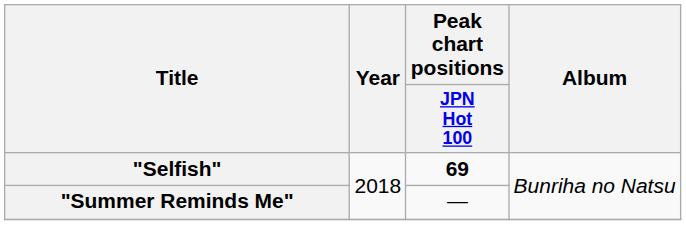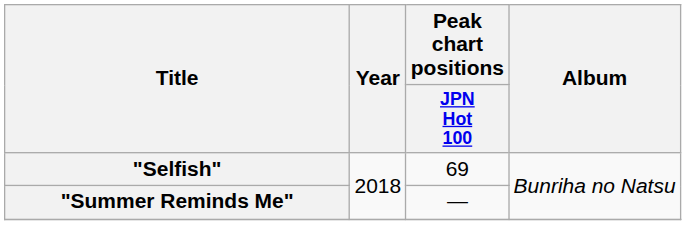 <table class="wikitable plainrowheaders" style="text-align:center;">
 <tr>
 <th scope="col" rowspan="2" style="width:16em;">Title</th>
 <th scope="col" rowspan="2">Year</th>
 <th scope="col" colspan="1">Peak chart positions</th>
 <th scope="col" rowspan="2">Album</th>
 </tr>
 <tr>
 <th style="width:3em;font-size:85%"><a href='#'>JPN<br>Hot<br>100</a></th>
 </tr>
 <tr>
 <th scope="row">"Selfish"</th>
 <td rowspan="2">2018</td>
-<td><strong>69</strong></td>
+<td>69</td>
 <td rowspan="2"><em>Bunriha no Natsu</em></td>
 </tr>
 <tr>
 <th scope="row">"Summer Reminds Me"</th>
 <td>—</td>
 </tr>
 <tr>
 </tr>
 </table>
